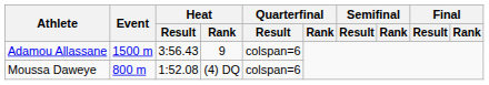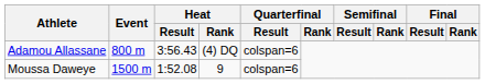 <table class="wikitable" style="font-size:90%">
 <tr>
 <th rowspan="2">Athlete</th>
 <th rowspan="2">Event</th>
 <th colspan="2">Heat</th>
 <th colspan="2">Quarterfinal</th>
 <th colspan="2">Semifinal</th>
 <th colspan="2">Final</th>
 </tr>
 <tr style="font-size:95%">
 <th>Result</th>
 <th>Rank</th>
 <th>Result</th>
 <th>Rank</th>
 <th>Result</th>
 <th>Rank</th>
 <th>Result</th>
 <th>Rank</th>
 </tr>
 <tr align=center>
 <td align=left><a href='#'>Adamou Allassane</a></td>
-<td align=left><a href='#'>1500 m</a></td>
+<td align=left><a href='#'>800 m</a></td>
 <td>3:56.43</td>
-<td>9</td>
+<td>(4) DQ</td>
 <td>colspan=6 </td>
 </tr>
 <tr align=center>
 <td align=left>Moussa Daweye</td>
-<td align=left><a href='#'>800 m</a></td>
+<td align=left><a href='#'>1500 m</a></td>
 <td>1:52.08</td>
-<td>(4) DQ</td>
+<td>9</td>
 <td>colspan=6 </td>
 </tr>
 </table>
